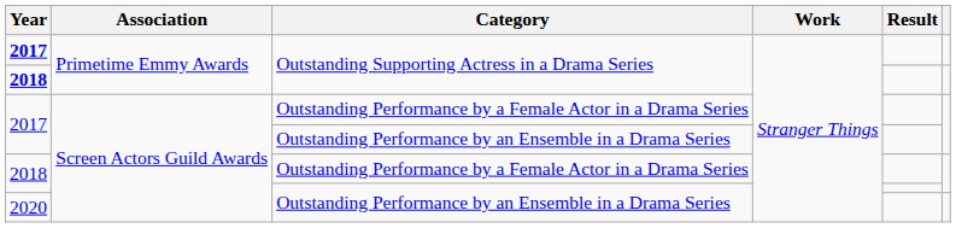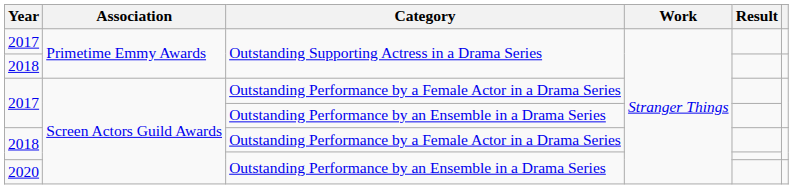 <table class="wikitable sortable plainrowheaders">
 <tr>
 <th>Year</th>
 <th>Association</th>
 <th>Category</th>
 <th>Work</th>
 <th>Result</th>
 <th class="unsortable"></th>
 </tr>
 <tr>
-<td><strong><a href='#'>2017</a></strong></td>
+<td><a href='#'>2017</a></td>
 <td rowspan="2"><a href='#'>Primetime Emmy Awards</a></td>
 <td rowspan="2"><a href='#'>Outstanding Supporting Actress in a Drama Series</a></td>
 <td rowspan="7"><em><a href='#'>Stranger Things</a></em></td>
 <td></td>
 <td style="text-align:center;"></td>
 </tr>
 <tr>
-<td><strong><a href='#'>2018</a></strong></td>
+<td><a href='#'>2018</a></td>
 <td></td>
 <td style="text-align:center;"></td>
 </tr>
 <tr>
 <td rowspan="2"><a href='#'>2017</a></td>
 <td rowspan="5"><a href='#'>Screen Actors Guild Awards</a></td>
 <td><a href='#'>Outstanding Performance by a Female Actor in a Drama Series</a></td>
 <td></td>
 <td rowspan="2" style="text-align:center;"></td>
 </tr>
 <tr>
 <td><a href='#'>Outstanding Performance by an Ensemble in a Drama Series</a></td>
 <td></td>
 </tr>
 <tr>
 <td rowspan="2"><a href='#'>2018</a></td>
 <td><a href='#'>Outstanding Performance by a Female Actor in a Drama Series</a></td>
 <td></td>
 <td rowspan="2" style="text-align:center;"></td>
 </tr>
 <tr>
 <td rowspan="2"><a href='#'>Outstanding Performance by an Ensemble in a Drama Series</a></td>
 <td></td>
 </tr>
 <tr>
 <td><a href='#'>2020</a></td>
 <td></td>
 <td style="text-align:center;"></td>
 </tr>
 </table>
